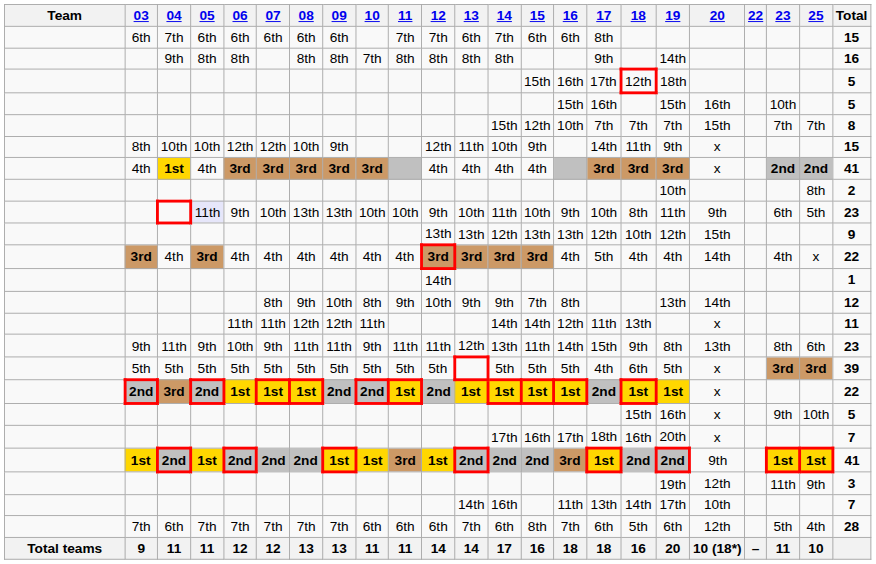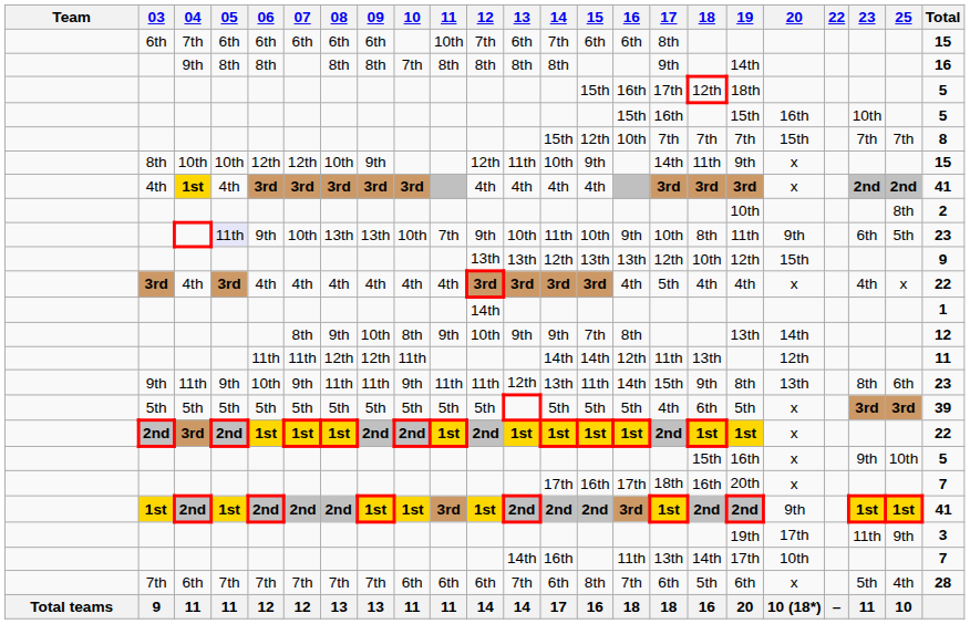 <table class="wikitable sortable" style="text-align:center; font-size:90%">
 <tr>
 <th style="width: 120px;">Team</th>
 <th><a href='#'>03</a></th>
 <th><a href='#'>04</a></th>
 <th><a href='#'>05</a></th>
 <th><a href='#'>06</a></th>
 <th><a href='#'>07</a></th>
 <th><a href='#'>08</a></th>
 <th><a href='#'>09</a></th>
 <th><a href='#'>10</a></th>
 <th><a href='#'>11</a></th>
 <th><a href='#'>12</a></th>
 <th><a href='#'>13</a></th>
 <th><a href='#'>14</a></th>
 <th><a href='#'>15</a></th>
 <th><a href='#'>16</a></th>
 <th><a href='#'>17</a></th>
 <th><a href='#'>18</a></th>
 <th><a href='#'>19</a></th>
 <th><a href='#'>20</a></th>
 <th><a href='#'>22</a></th>
 <th><a href='#'>23</a></th>
 <th><a href='#'>25</a></th>
 <th>Total</th>
 </tr>
 <tr>
 <td align=left></td>
 <td>6th</td>
 <td>7th</td>
 <td>6th</td>
 <td>6th</td>
 <td>6th</td>
 <td>6th</td>
 <td>6th</td>
 <td></td>
-<td>7th</td>
+<td>10th</td>
 <td>7th</td>
 <td>6th</td>
 <td>7th</td>
 <td>6th</td>
 <td>6th</td>
 <td>8th</td>
 <td></td>
 <td></td>
 <td></td>
 <td></td>
 <td></td>
 <td></td>
 <td><strong>15</strong></td>
 </tr>
 <tr>
 <td align=left></td>
 <td></td>
 <td>9th</td>
 <td>8th</td>
 <td>8th</td>
 <td></td>
 <td>8th</td>
 <td>8th</td>
 <td>7th</td>
 <td>8th</td>
 <td>8th</td>
 <td>8th</td>
 <td>8th</td>
 <td></td>
 <td></td>
 <td>9th</td>
 <td></td>
 <td>14th</td>
 <td></td>
 <td></td>
 <td></td>
 <td></td>
 <td><strong>16</strong></td>
 </tr>
 <tr>
 <td align=left></td>
 <td></td>
 <td></td>
 <td></td>
 <td></td>
 <td></td>
 <td></td>
 <td></td>
 <td></td>
 <td></td>
 <td></td>
 <td></td>
 <td></td>
 <td>15th</td>
 <td>16th</td>
 <td>17th</td>
 <td style="border:3px solid red">12th</td>
 <td>18th</td>
 <td></td>
 <td></td>
 <td></td>
 <td></td>
 <td><strong>5</strong></td>
 </tr>
 <tr>
 <td align=left></td>
 <td></td>
 <td></td>
 <td></td>
 <td></td>
 <td></td>
 <td></td>
 <td></td>
 <td></td>
 <td></td>
 <td></td>
 <td></td>
 <td></td>
 <td></td>
 <td>15th</td>
 <td>16th</td>
 <td></td>
 <td>15th</td>
 <td>16th</td>
 <td></td>
 <td>10th</td>
 <td></td>
 <td><strong>5</strong></td>
 </tr>
 <tr>
 <td align=left></td>
 <td></td>
 <td></td>
 <td></td>
 <td></td>
 <td></td>
 <td></td>
 <td></td>
 <td></td>
 <td></td>
 <td></td>
 <td></td>
 <td>15th</td>
 <td>12th</td>
 <td>10th</td>
 <td>7th</td>
 <td>7th</td>
 <td>7th</td>
 <td>15th</td>
 <td></td>
 <td>7th</td>
 <td>7th</td>
 <td><strong>8</strong></td>
 </tr>
 <tr>
 <td align=left></td>
 <td>8th</td>
 <td>10th</td>
 <td>10th</td>
 <td>12th</td>
 <td>12th</td>
 <td>10th</td>
 <td>9th</td>
 <td></td>
 <td></td>
 <td>12th</td>
 <td>11th</td>
 <td>10th</td>
 <td>9th</td>
 <td></td>
 <td>14th</td>
 <td>11th</td>
 <td>9th</td>
 <td>x</td>
 <td></td>
 <td></td>
 <td></td>
 <td><strong>15</strong></td>
 </tr>
 <tr>
 <td align=left></td>
 <td>4th</td>
 <td bgcolor=gold><strong>1st</strong></td>
 <td>4th</td>
 <td bgcolor=cc9966><strong>3rd</strong></td>
 <td bgcolor=cc9966><strong>3rd</strong></td>
 <td bgcolor=cc9966><strong>3rd</strong></td>
 <td bgcolor=cc9966><strong>3rd</strong></td>
 <td bgcolor=cc9966><strong>3rd</strong></td>
 <td bgcolor=silver></td>
 <td>4th</td>
 <td>4th</td>
 <td>4th</td>
 <td>4th</td>
 <td bgcolor=silver></td>
 <td bgcolor=cc9966><strong>3rd</strong></td>
 <td bgcolor=cc9966><strong>3rd</strong></td>
 <td bgcolor=cc9966><strong>3rd</strong></td>
 <td>x</td>
 <td></td>
 <td bgcolor=silver><strong>2nd</strong></td>
 <td bgcolor=silver><strong>2nd</strong></td>
 <td><strong>41</strong></td>
 </tr>
 <tr>
 <td align=left></td>
 <td></td>
 <td></td>
 <td></td>
 <td></td>
 <td></td>
 <td></td>
 <td></td>
 <td></td>
 <td></td>
 <td></td>
 <td></td>
 <td></td>
 <td></td>
 <td></td>
 <td></td>
 <td></td>
 <td>10th</td>
 <td></td>
 <td></td>
 <td></td>
 <td>8th</td>
 <td><strong>2</strong></td>
 </tr>
 <tr>
 <td align=left></td>
 <td></td>
 <td style="border:3px solid red"></td>
 <td style="background: lavender;">11th</td>
 <td>9th</td>
 <td>10th</td>
 <td>13th</td>
 <td>13th</td>
 <td>10th</td>
-<td>10th</td>
+<td>7th</td>
 <td>9th</td>
 <td>10th</td>
 <td>11th</td>
 <td>10th</td>
 <td>9th</td>
 <td>10th</td>
 <td>8th</td>
 <td>11th</td>
 <td>9th</td>
 <td></td>
 <td>6th</td>
 <td>5th</td>
 <td><strong>23</strong></td>
 </tr>
 <tr>
 <td align=left></td>
 <td></td>
 <td></td>
 <td></td>
 <td></td>
 <td></td>
 <td></td>
 <td></td>
 <td></td>
 <td></td>
 <td>13th</td>
 <td>13th</td>
 <td>12th</td>
 <td>13th</td>
 <td>13th</td>
 <td>12th</td>
 <td>10th</td>
 <td>12th</td>
 <td>15th</td>
 <td></td>
 <td></td>
 <td></td>
 <td><strong>9</strong></td>
 </tr>
 <tr>
 <td align=left></td>
 <td bgcolor=cc9966><strong>3rd</strong></td>
 <td>4th</td>
 <td bgcolor=cc9966><strong>3rd</strong></td>
 <td>4th</td>
 <td>4th</td>
 <td>4th</td>
 <td>4th</td>
 <td>4th</td>
 <td>4th</td>
 <td style="border:3px solid red" bgcolor=cc9966><strong>3rd</strong></td>
 <td bgcolor=cc9966><strong>3rd</strong></td>
 <td bgcolor=cc9966><strong>3rd</strong></td>
 <td bgcolor=cc9966><strong>3rd</strong></td>
 <td>4th</td>
 <td>5th</td>
 <td>4th</td>
 <td>4th</td>
-<td>14th</td>
+<td>x</td>
 <td></td>
 <td>4th</td>
 <td>x</td>
 <td><strong>22</strong></td>
 </tr>
 <tr>
 <td align=left></td>
 <td></td>
 <td></td>
 <td></td>
 <td></td>
 <td></td>
 <td></td>
 <td></td>
 <td></td>
 <td></td>
 <td>14th</td>
 <td></td>
 <td></td>
 <td></td>
 <td></td>
 <td></td>
 <td></td>
 <td></td>
 <td></td>
 <td></td>
 <td></td>
 <td></td>
 <td><strong>1</strong></td>
 </tr>
 <tr>
 <td align=left></td>
 <td></td>
 <td></td>
 <td></td>
 <td></td>
 <td>8th</td>
 <td>9th</td>
 <td>10th</td>
 <td>8th</td>
 <td>9th</td>
 <td>10th</td>
 <td>9th</td>
 <td>9th</td>
 <td>7th</td>
 <td>8th</td>
 <td></td>
 <td></td>
 <td>13th</td>
 <td>14th</td>
 <td></td>
 <td></td>
 <td></td>
 <td><strong>12</strong></td>
 </tr>
 <tr>
 <td align=left></td>
 <td></td>
 <td></td>
 <td></td>
 <td>11th</td>
 <td>11th</td>
 <td>12th</td>
 <td>12th</td>
 <td>11th</td>
 <td></td>
 <td></td>
 <td></td>
 <td>14th</td>
 <td>14th</td>
 <td>12th</td>
 <td>11th</td>
 <td>13th</td>
 <td></td>
-<td>x</td>
+<td>12th</td>
 <td></td>
 <td></td>
 <td></td>
 <td><strong>11</strong></td>
 </tr>
 <tr>
 <td align=left></td>
 <td>9th</td>
 <td>11th</td>
 <td>9th</td>
 <td>10th</td>
 <td>9th</td>
 <td>11th</td>
 <td>11th</td>
 <td>9th</td>
 <td>11th</td>
 <td>11th</td>
 <td>12th</td>
 <td>13th</td>
 <td>11th</td>
 <td>14th</td>
 <td>15th</td>
 <td>9th</td>
 <td>8th</td>
 <td>13th</td>
 <td></td>
 <td>8th</td>
 <td>6th</td>
 <td><strong>23</strong></td>
 </tr>
 <tr>
 <td align=left></td>
 <td>5th</td>
 <td>5th</td>
 <td>5th</td>
 <td>5th</td>
 <td>5th</td>
 <td>5th</td>
 <td>5th</td>
 <td>5th</td>
 <td>5th</td>
 <td>5th</td>
 <td style="border:3px solid red"></td>
 <td>5th</td>
 <td>5th</td>
 <td>5th</td>
 <td>4th</td>
 <td>6th</td>
 <td>5th</td>
 <td>x</td>
 <td></td>
 <td bgcolor=cc9966><strong>3rd</strong></td>
 <td bgcolor=cc9966><strong>3rd</strong></td>
 <td><strong>39</strong></td>
 </tr>
 <tr>
 <td align=left></td>
 <td style="border:3px solid red" bgcolor="silver"><strong>2nd</strong></td>
 <td bgcolor=cc9966><strong>3rd</strong></td>
 <td style="border:3px solid red" bgcolor=silver><strong>2nd</strong></td>
 <td bgcolor=gold><strong>1st</strong></td>
 <td style="border:3px solid red" bgcolor=gold><strong>1st</strong></td>
 <td style="border:3px solid red" bgcolor=gold><strong>1st</strong></td>
 <td bgcolor=silver><strong>2nd</strong></td>
 <td style="border:3px solid red" bgcolor=silver><strong>2nd</strong></td>
 <td style="border:3px solid red" bgcolor=gold><strong>1st</strong></td>
 <td bgcolor=silver><strong>2nd</strong></td>
 <td bgcolor=gold><strong>1st</strong></td>
 <td style="border:3px solid red" bgcolor=gold><strong>1st</strong></td>
 <td style="border:3px solid red" bgcolor=gold><strong>1st</strong></td>
 <td style="border:3px solid red" bgcolor=gold><strong>1st</strong></td>
 <td bgcolor=silver><strong>2nd</strong></td>
 <td style="border:3px solid red" bgcolor=gold><strong>1st</strong></td>
 <td bgcolor=gold><strong>1st</strong></td>
 <td>x</td>
 <td></td>
 <td></td>
 <td></td>
 <td><strong>22</strong></td>
 </tr>
 <tr>
 <td align=left></td>
 <td></td>
 <td></td>
 <td></td>
 <td></td>
 <td></td>
 <td></td>
 <td></td>
 <td></td>
 <td></td>
 <td></td>
 <td></td>
 <td></td>
 <td></td>
 <td></td>
 <td></td>
 <td>15th</td>
 <td>16th</td>
 <td>x</td>
 <td></td>
 <td>9th</td>
 <td>10th</td>
 <td><strong>5</strong></td>
 </tr>
 <tr>
 <td align=left></td>
 <td></td>
 <td></td>
 <td></td>
 <td></td>
 <td></td>
 <td></td>
 <td></td>
 <td></td>
 <td></td>
 <td></td>
 <td></td>
 <td>17th</td>
 <td>16th</td>
 <td>17th</td>
 <td>18th</td>
 <td>16th</td>
 <td>20th</td>
 <td>x</td>
 <td></td>
 <td></td>
 <td></td>
 <td><strong>7</strong></td>
 </tr>
 <tr>
 <td align=left></td>
 <td bgcolor=gold><strong>1st</strong></td>
 <td style="border:3px solid red" bgcolor=silver><strong>2nd</strong></td>
 <td bgcolor=gold><strong>1st</strong></td>
 <td style="border:3px solid red" bgcolor=silver><strong>2nd</strong></td>
 <td bgcolor=silver><strong>2nd</strong></td>
 <td bgcolor=silver><strong>2nd</strong></td>
 <td style="border:3px solid red" bgcolor=gold><strong>1st</strong></td>
 <td bgcolor=gold><strong>1st</strong></td>
 <td bgcolor=cc9966><strong>3rd</strong></td>
 <td bgcolor=gold><strong>1st</strong></td>
 <td style="border:3px solid red" bgcolor=silver><strong>2nd</strong></td>
 <td bgcolor=silver><strong>2nd</strong></td>
 <td bgcolor=silver><strong>2nd</strong></td>
 <td bgcolor=cc9966><strong>3rd</strong></td>
 <td style="border:3px solid red" bgcolor=gold><strong>1st</strong></td>
 <td bgcolor=silver><strong>2nd</strong></td>
 <td style="border:3px solid red" bgcolor=silver><strong>2nd</strong></td>
 <td>9th</td>
 <td></td>
 <td style="border:3px solid red" bgcolor=gold><strong>1st</strong></td>
 <td style="border:3px solid red" bgcolor=gold><strong>1st</strong></td>
 <td><strong>41</strong></td>
 </tr>
 <tr>
 <td align=left></td>
 <td></td>
 <td></td>
 <td></td>
 <td></td>
 <td></td>
 <td></td>
 <td></td>
 <td></td>
 <td></td>
 <td></td>
 <td></td>
 <td></td>
 <td></td>
 <td></td>
 <td></td>
 <td></td>
 <td>19th</td>
-<td>12th</td>
+<td>17th</td>
 <td></td>
 <td>11th</td>
 <td>9th</td>
 <td><strong>3</strong></td>
 </tr>
 <tr>
 <td align=left></td>
 <td></td>
 <td></td>
 <td></td>
 <td></td>
 <td></td>
 <td></td>
 <td></td>
 <td></td>
 <td></td>
 <td></td>
 <td>14th</td>
 <td>16th</td>
 <td></td>
 <td>11th</td>
 <td>13th</td>
 <td>14th</td>
 <td>17th</td>
 <td>10th</td>
 <td></td>
 <td></td>
 <td></td>
 <td><strong>7</strong></td>
 </tr>
 <tr>
 <td align=left></td>
 <td>7th</td>
 <td>6th</td>
 <td>7th</td>
 <td>7th</td>
 <td>7th</td>
 <td>7th</td>
 <td>7th</td>
 <td>6th</td>
 <td>6th</td>
 <td>6th</td>
 <td>7th</td>
 <td>6th</td>
 <td>8th</td>
 <td>7th</td>
 <td>6th</td>
 <td>5th</td>
 <td>6th</td>
-<td>12th</td>
+<td>x</td>
 <td></td>
 <td>5th</td>
 <td>4th</td>
 <td><strong>28</strong></td>
 </tr>
 <tr style="background:#ddd" class="sortbottom">
 <th align=left>Total teams</th>
 <th>9</th>
 <th>11</th>
 <th>11</th>
 <th>12</th>
 <th>12</th>
 <th>13</th>
 <th>13</th>
 <th>11</th>
 <th>11</th>
 <th>14</th>
 <th>14</th>
 <th>17</th>
 <th>16</th>
 <th>18</th>
 <th>18</th>
 <th>16</th>
 <th>20</th>
 <th>10 (18*)</th>
 <th>–</th>
 <th>11</th>
 <th>10</th>
 <th></th>
 </tr>
 </table>
